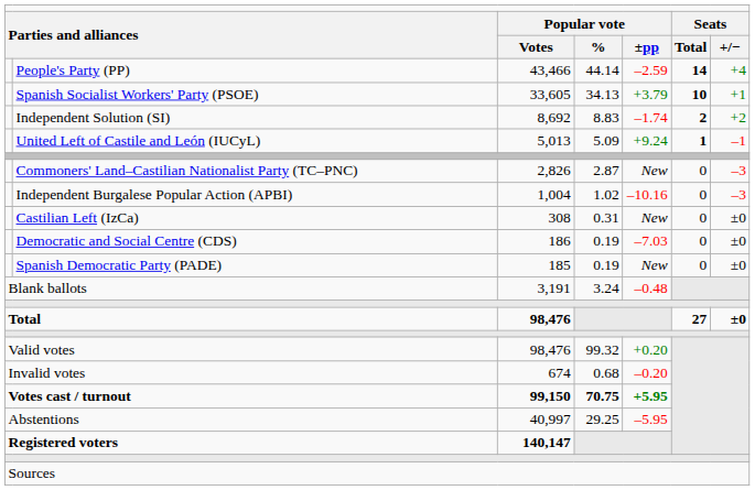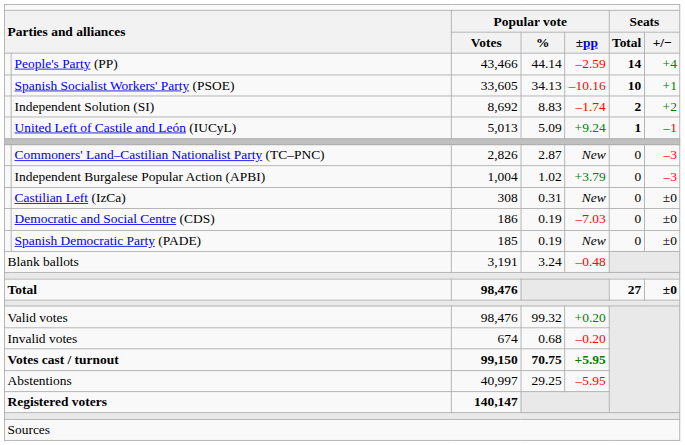 <table class="wikitable" style="text-align:right;">
 <tr>
 <td colspan="7"></td>
 </tr>
 <tr>
 <th style="text-align:left;" rowspan="2" colspan="2" width="525">Parties and alliances</th>
 <th colspan="3">Popular vote</th>
 <th colspan="2">Seats</th>
 </tr>
 <tr>
 <th width="75">Votes</th>
 <th width="45">%</th>
 <th width="45">±<a href='#'>pp</a></th>
 <th width="35">Total</th>
 <th width="35">+/−</th>
 </tr>
 <tr>
 <td width="1" style="color:inherit;background:"></td>
 <td align="left"><a href='#'>People's Party</a> (PP)</td>
 <td>43,466</td>
 <td>44.14</td>
 <td style="color:red;">–2.59</td>
 <td><strong>14</strong></td>
 <td style="color:green;">+4</td>
 </tr>
 <tr>
 <td style="color:inherit;background:"></td>
 <td align="left"><a href='#'>Spanish Socialist Workers' Party</a> (PSOE)</td>
 <td>33,605</td>
 <td>34.13</td>
-<td style="color:green;">+3.79</td>
+<td style="color:red;">–10.16</td>
 <td><strong>10</strong></td>
 <td style="color:green;">+1</td>
 </tr>
 <tr>
 <td style="color:inherit;background:"></td>
 <td align="left">Independent Solution (SI)</td>
 <td>8,692</td>
 <td>8.83</td>
 <td style="color:red;">–1.74</td>
 <td><strong>2</strong></td>
 <td style="color:green;">+2</td>
 </tr>
 <tr>
 <td style="color:inherit;background:"></td>
 <td align="left"><a href='#'>United Left of Castile and León</a> (IUCyL)</td>
 <td>5,013</td>
 <td>5.09</td>
 <td style="color:green;">+9.24</td>
 <td><strong>1</strong></td>
 <td style="color:red;">–1</td>
 </tr>
 <tr>
 <td colspan="7" bgcolor="#C0C0C0"></td>
 </tr>
 <tr>
 <td style="color:inherit;background:"></td>
 <td align="left"><a href='#'>Commoners' Land–Castilian Nationalist Party</a> (TC–PNC)</td>
 <td>2,826</td>
 <td>2.87</td>
 <td><em>New</em></td>
 <td>0</td>
 <td style="color:red;">–3</td>
 </tr>
 <tr>
 <td style="color:inherit;background:"></td>
 <td align="left">Independent Burgalese Popular Action (APBI)</td>
 <td>1,004</td>
 <td>1.02</td>
-<td style="color:red;">–10.16</td>
+<td style="color:green;">+3.79</td>
 <td>0</td>
 <td style="color:red;">–3</td>
 </tr>
 <tr>
 <td style="color:inherit;background:"></td>
 <td align="left"><a href='#'>Castilian Left</a> (IzCa)</td>
 <td>308</td>
 <td>0.31</td>
 <td><em>New</em></td>
 <td>0</td>
 <td>±0</td>
 </tr>
 <tr>
 <td style="color:inherit;background:"></td>
 <td align="left"><a href='#'>Democratic and Social Centre</a> (CDS)</td>
 <td>186</td>
 <td>0.19</td>
 <td style="color:red;">–7.03</td>
 <td>0</td>
 <td>±0</td>
 </tr>
 <tr>
 <td style="color:inherit;background:"></td>
 <td align="left"><a href='#'>Spanish Democratic Party</a> (PADE)</td>
 <td>185</td>
 <td>0.19</td>
 <td><em>New</em></td>
 <td>0</td>
 <td>±0</td>
 </tr>
 <tr>
 <td align="left" colspan="2">Blank ballots</td>
 <td>3,191</td>
 <td>3.24</td>
 <td style="color:red;">–0.48</td>
 <td bgcolor="#E9E9E9" colspan="2"></td>
 </tr>
 <tr>
 <td colspan="7" bgcolor="#E9E9E9"></td>
 </tr>
 <tr style="font-weight:bold;">
 <td align="left" colspan="2">Total</td>
 <td>98,476</td>
 <td bgcolor="#E9E9E9" colspan="2"></td>
 <td>27</td>
 <td>±0</td>
 </tr>
 <tr>
 <td colspan="7" bgcolor="#E9E9E9"></td>
 </tr>
 <tr>
 <td align="left" colspan="2">Valid votes</td>
 <td>98,476</td>
 <td>99.32</td>
 <td style="color:green;">+0.20</td>
 <td bgcolor="#E9E9E9" colspan="2" rowspan="5"></td>
 </tr>
 <tr>
 <td align="left" colspan="2">Invalid votes</td>
 <td>674</td>
 <td>0.68</td>
 <td style="color:red;">–0.20</td>
 </tr>
 <tr style="font-weight:bold;">
 <td align="left" colspan="2">Votes cast / turnout</td>
 <td>99,150</td>
 <td>70.75</td>
 <td style="color:green;">+5.95</td>
 </tr>
 <tr>
 <td align="left" colspan="2">Abstentions</td>
 <td>40,997</td>
 <td>29.25</td>
 <td style="color:red;">–5.95</td>
 </tr>
 <tr style="font-weight:bold;">
 <td align="left" colspan="2">Registered voters</td>
 <td>140,147</td>
 <td bgcolor="#E9E9E9" colspan="2"></td>
 </tr>
 <tr>
 <td colspan="7" bgcolor="#E9E9E9"></td>
 </tr>
 <tr>
 <td align="left" colspan="7">Sources</td>
 </tr>
 </table>
